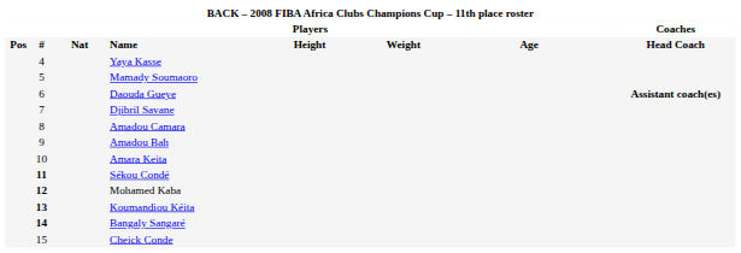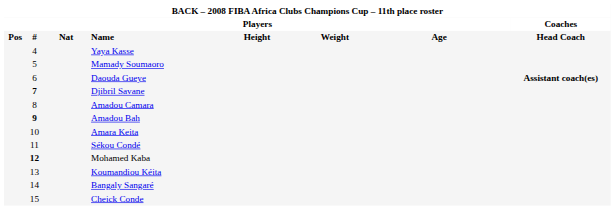 <table border=0 cellpadding=2 cellspacing=0  |- bgcolor=#f5f5f5 style="text-align:center; font-size:90%;" width=75%>
 <tr>
 <td colspan="8" style="background: white; color: black"><strong>BACK – 2008 FIBA Africa Clubs Champions Cup – 11th place roster</strong></td>
 </tr>
 <tr>
 <td colspan="7" style="background: white; color: black"><strong>Players</strong></td>
 <td style="background: white; color: black"><strong>Coaches</strong></td>
 </tr>
 <tr style="background=#f5f5f5; color: black">
 <th width=5px>Pos</th>
 <th width=5px>#</th>
 <th width=50px>Nat</th>
 <th width=135px align=left>Name</th>
 <th width=100px>Height</th>
 <th width=70px>Weight</th>
 <th width=160px>Age</th>
 <th width=110px>Head Coach</th>
 </tr>
 <tr>
 <td></td>
 <td>4</td>
 <td></td>
 <td align=left><a href='#'>Yaya Kasse</a></td>
 <td></td>
 <td></td>
 <td><span></span></td>
 <td></td>
 </tr>
 <tr>
 <td></td>
 <td>5</td>
 <td></td>
 <td align=left><a href='#'>Mamady Soumaoro</a></td>
 <td></td>
 <td></td>
 <td><span></span></td>
 </tr>
 <tr>
 <td></td>
 <td>6</td>
 <td></td>
 <td align=left><a href='#'>Daouda Gueye</a></td>
 <td></td>
 <td></td>
 <td><span></span></td>
 <td><strong>Assistant coach(es)</strong></td>
 </tr>
 <tr>
 <td></td>
-<td>7</td>
+<td><strong>7</strong></td>
 <td></td>
 <td align=left><a href='#'>Djibril Savane</a></td>
 <td></td>
 <td></td>
 <td><span></span></td>
 <td></td>
 </tr>
 <tr>
 <td></td>
 <td>8</td>
 <td></td>
 <td align=left><a href='#'>Amadou Camara</a></td>
 <td></td>
 <td></td>
 <td><span></span></td>
 </tr>
 <tr>
 <td></td>
-<td>9</td>
+<td><strong>9</strong></td>
 <td></td>
 <td align=left><a href='#'>Amadou Bah</a></td>
 <td></td>
 <td></td>
 <td><span></span></td>
 <td></td>
 </tr>
 <tr>
 <td></td>
 <td>10</td>
 <td></td>
 <td align=left><a href='#'>Amara Keita</a></td>
 <td></td>
 <td></td>
 <td><span></span></td>
 <td></td>
 </tr>
 <tr>
 <td></td>
-<td><strong>11</strong></td>
+<td>11</td>
 <td></td>
 <td align=left><a href='#'>Sékou Condé</a></td>
 <td></td>
 <td></td>
 <td><span></span></td>
 </tr>
 <tr>
 <td></td>
 <td><strong>12</strong></td>
 <td></td>
 <td align=left>Mohamed Kaba</td>
 <td></td>
 <td></td>
 <td><span></span></td>
 <td></td>
 </tr>
 <tr>
 <td></td>
-<td><strong>13</strong></td>
+<td>13</td>
 <td></td>
 <td align=left><a href='#'>Koumandiou Kéita</a></td>
 <td></td>
 <td></td>
 <td><span></span></td>
 <td></td>
 </tr>
 <tr>
 <td></td>
-<td><strong>14</strong></td>
+<td>14</td>
 <td></td>
 <td align=left><a href='#'>Bangaly Sangaré</a></td>
 <td></td>
 <td></td>
 <td><span></span></td>
 <td></td>
 </tr>
 <tr>
 <td></td>
 <td>15</td>
 <td></td>
 <td align=left><a href='#'>Cheick Conde</a></td>
 <td></td>
 <td></td>
 <td><span></span></td>
 <td></td>
 </tr>
 </table>
